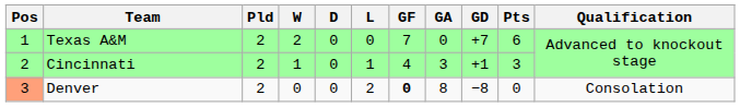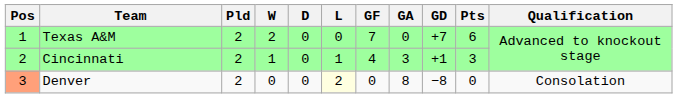 <table class="wikitable" style="text-align:center; margin: 1em auto">
 <tr>
 <th style=width:2em>Pos</th>
 <th style=width:13em>Team</th>
 <th style=width:2em>Pld</th>
 <th style=width:2em>W</th>
 <th style=width:2em>D</th>
 <th style=width:2em>L</th>
 <th style=width:2em>GF</th>
 <th style=width:2em>GA</th>
 <th style=width:2em>GD</th>
 <th style=width:2em>Pts</th>
 <th style=width:13em>Qualification</th>
 </tr>
 <tr bgcolor="#9eff9e">
 <td>1</td>
 <td style="text-align:left">Texas A&M</td>
 <td>2</td>
 <td>2</td>
 <td>0</td>
 <td>0</td>
 <td>7</td>
 <td>0</td>
 <td>+7</td>
 <td>6</td>
 <td rowspan="2">Advanced to knockout stage</td>
 </tr>
 <tr bgcolor="#9eff9e">
 <td>2</td>
 <td style="text-align:left">Cincinnati</td>
 <td>2</td>
 <td>1</td>
 <td>0</td>
 <td>1</td>
 <td>4</td>
 <td>3</td>
 <td>+1</td>
 <td>3</td>
 </tr>
 <tr>
 <td style="background: lightsalmon;">3</td>
 <td style="text-align:left">Denver</td>
 <td>2</td>
 <td>0</td>
 <td>0</td>
-<td>2</td>
-<td><strong>0</strong></td>
+<td style="background: lightyellow;">2</td>
+<td>0</td>
 <td>8</td>
 <td>−8</td>
 <td>0</td>
 <td>Consolation</td>
 </tr>
 </table>
